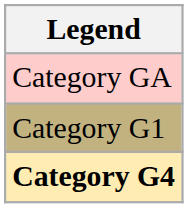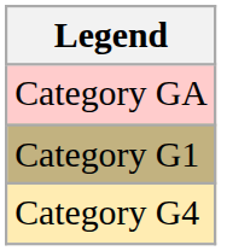 <table class="wikitable" style="font-size:85%;">
 <tr>
 <th>Legend</th>
 </tr>
 <tr bgcolor=ffcccc>
 <td>Category GA</td>
 </tr>
 <tr bgcolor="#C2B280">
 <td>Category G1</td>
 </tr>
 <tr bgcolor="#ffecb2">
-<td><strong>Category G4</strong></td>
+<td>Category G4</td>
 </tr>
 </table>
